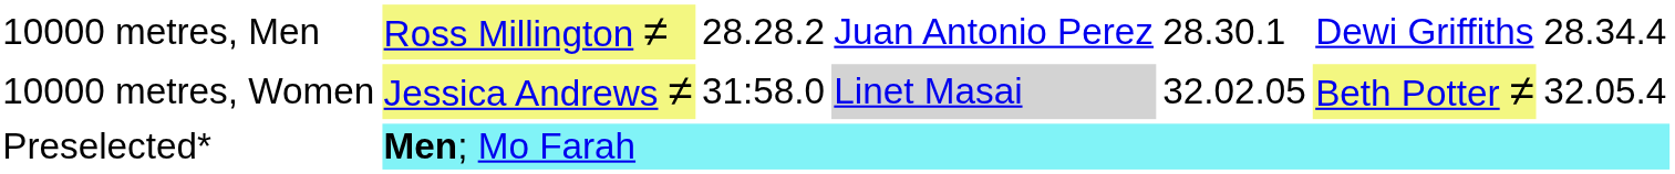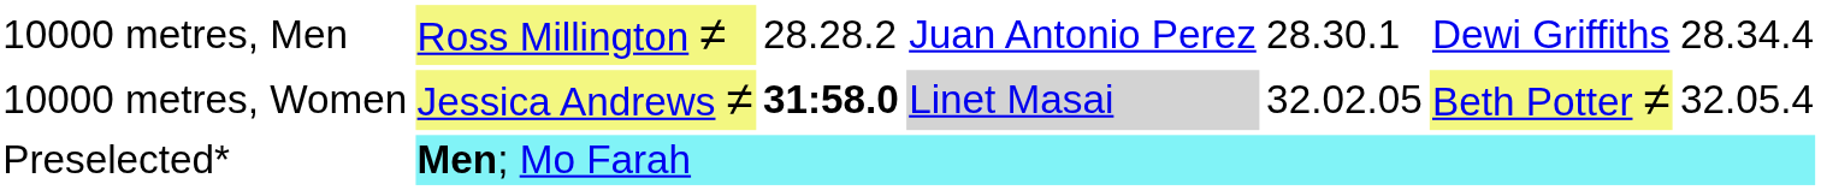 <table>
 <tr>
 <td>10000 metres, Men</td>
 <td bgcolor=#f3f781><a href='#'>Ross Millington</a> <big>≠</big></td>
 <td>28.28.2</td>
 <td> <a href='#'>Juan Antonio Perez</a></td>
 <td>28.30.1</td>
 <td><a href='#'>Dewi Griffiths</a></td>
 <td>28.34.4</td>
 </tr>
 <tr>
 <td>10000 metres, Women</td>
 <td bgcolor=#f3f781><a href='#'>Jessica Andrews</a> <big>≠</big></td>
-<td>31:58.0</td>
+<td><strong>31:58.0</strong></td>
 <td style="background: lightgrey;"> <a href='#'>Linet Masai</a></td>
 <td>32.02.05</td>
 <td bgcolor=#f3f781> <a href='#'>Beth Potter</a> <big>≠</big></td>
 <td>32.05.4</td>
 </tr>
 <tr>
 <td>Preselected*</td>
 <td colspan="6" bgcolor=#81F3F7><strong>Men</strong>; <a href='#'>Mo Farah</a></td>
 </tr>
 </table>
